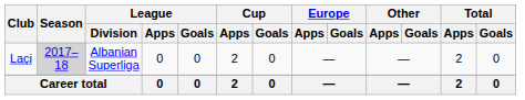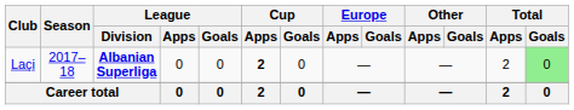 <table class="wikitable" style="text-align:center">
 <tr>
 <th rowspan="2">Club</th>
 <th rowspan="2">Season</th>
 <th colspan="3">League</th>
 <th colspan="2">Cup</th>
 <th colspan="2"><a href='#'>Europe</a></th>
 <th colspan="2">Other</th>
 <th colspan="2">Total</th>
 </tr>
 <tr>
 <th>Division</th>
 <th>Apps</th>
 <th>Goals</th>
 <th>Apps</th>
 <th>Goals</th>
 <th>Apps</th>
 <th>Goals</th>
 <th>Apps</th>
 <th>Goals</th>
 <th>Apps</th>
 <th>Goals</th>
 </tr>
 <tr>
 <td rowspan="1" valign="center"><a href='#'>Laçi</a></td>
-<td style="background: lightgrey;"><a href='#'>2017–18</a></td>
-<td rowspan="1"><a href='#'>Albanian Superliga</a></td>
+<td><a href='#'>2017–18</a></td>
+<td rowspan="1"><strong><a href='#'>Albanian Superliga</a></strong></td>
 <td>0</td>
 <td>0</td>
-<td>2</td>
+<td><strong>2</strong></td>
 <td>0</td>
 <td colspan="2">—</td>
 <td colspan="2">—</td>
 <td>2</td>
-<td>0</td>
+<td style="background: lightgreen;">0</td>
 </tr>
 <tr>
 </tr>
 <tr>
 <th colspan="3">Career total</th>
 <th>0</th>
 <th>0</th>
 <th>2</th>
 <th>0</th>
 <th colspan="2">—</th>
 <th colspan="2">—</th>
 <th>2</th>
 <th>0</th>
 </tr>
 </table>
